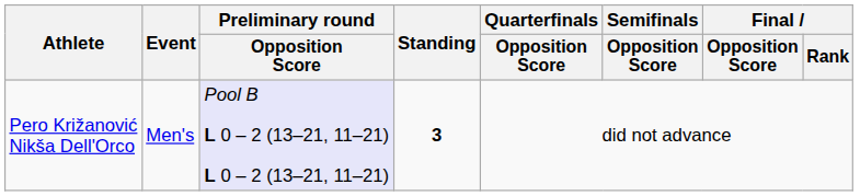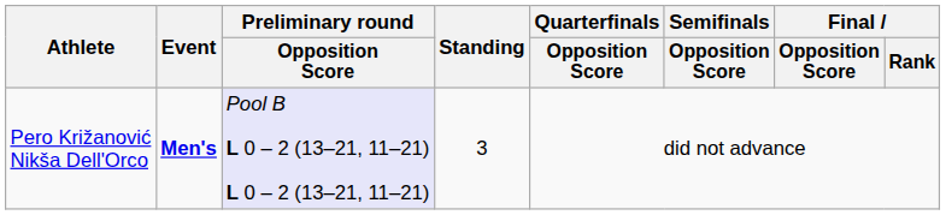 <table class=wikitable style="font-size:90%">
 <tr>
 <th rowspan=2>Athlete</th>
 <th rowspan=2>Event</th>
 <th>Preliminary round</th>
 <th rowspan=2>Standing</th>
 <th>Quarterfinals</th>
 <th>Semifinals</th>
 <th colspan=2>Final / </th>
 </tr>
 <tr style="font-size:95%">
 <th>Opposition<br>Score</th>
 <th>Opposition<br>Score</th>
 <th>Opposition<br>Score</th>
 <th>Opposition<br>Score</th>
 <th>Rank</th>
 </tr>
 <tr align=center>
 <td align=left><a href='#'>Pero Križanović</a><br><a href='#'>Nikša Dell'Orco</a></td>
-<td align=left><a href='#'>Men's</a></td>
+<td align=left><strong><a href='#'>Men's</a></strong></td>
 <td align=left style="background: lavender;"><em>Pool B</em><br><br><strong>L</strong> 0 – 2 (13–21, 11–21)<br><br><strong>L</strong> 0 – 2 (13–21, 11–21)</td>
-<td><strong>3</strong></td>
+<td>3</td>
 <td colspan=4>did not advance</td>
 </tr>
 </table>
